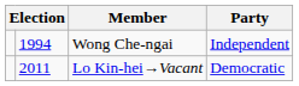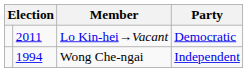 <table class="wikitable">
 <tr>
 <th colspan="2">Election</th>
 <th>Member</th>
 <th>Party</th>
 </tr>
 <tr>
 <td style="background-color: "></td>
+<td><a href='#'>2011</a></td>
+<td><a href='#'>Lo Kin-hei</a>→<em>Vacant</em></td>
+<td><a href='#'>Democratic</a></td>
+</tr>
+<tr>
+<td style="background-color: "></td>
 <td><a href='#'>1994</a></td>
 <td>Wong Che-ngai</td>
 <td><a href='#'>Independent</a></td>
 </tr>
-<tr>
-<td style="background-color: "></td>
-<td><a href='#'>2011</a></td>
-<td><a href='#'>Lo Kin-hei</a>→<em>Vacant</em></td>
-<td><a href='#'>Democratic</a></td>
-</tr>
 </table>
